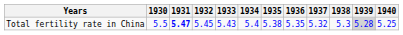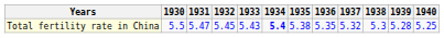 <table class="wikitable sortable" style="text-align:right">
 <tr>
 <th>Years</th>
 <th>1930</th>
 <th>1931</th>
 <th>1932</th>
 <th>1933</th>
 <th>1934</th>
 <th>1935</th>
 <th>1936</th>
 <th>1937</th>
 <th>1938</th>
 <th>1939</th>
 <th>1940</th>
 </tr>
 <tr>
-<td align="left">Total fertility rate in China</td>
+<td align="left" style="background: lightyellow;">Total fertility rate in China</td>
 <td style="text-align:right; color:blue;">5.5</td>
-<td style="text-align:right; color:blue;"><strong>5.47</strong></td>
+<td style="text-align:right; color:blue;">5.47</td>
 <td style="text-align:right; color:blue;">5.45</td>
 <td style="text-align:right; color:blue;">5.43</td>
-<td style="text-align:right; color:blue;">5.4</td>
+<td style="text-align:right; color:blue;"><strong>5.4</strong></td>
 <td style="text-align:right; color:blue;">5.38</td>
 <td style="text-align:right; color:blue;">5.35</td>
 <td style="text-align:right; color:blue;">5.32</td>
 <td style="text-align:right; color:blue;">5.3</td>
-<td style="background: lightgrey; text-align:right; color:blue;">5.28</td>
+<td style="text-align:right; color:blue;">5.28</td>
 <td style="text-align:right; color:blue;">5.25</td>
 </tr>
 </table>
